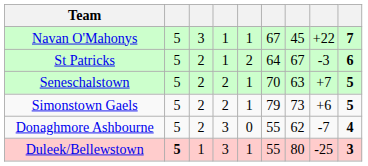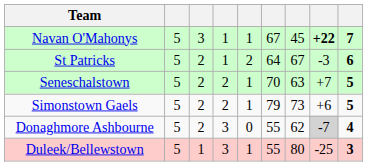 <table class="wikitable" style="text-align:center">
 <tr>
 <th width="175">Team</th>
 <th width="20"></th>
 <th width="20"></th>
 <th width="20"></th>
 <th width="20"></th>
 <th width="20"></th>
 <th width="20"></th>
 <th width="20"></th>
 <th width="20"></th>
 </tr>
 <tr style="background:#cfc;">
 <td><a href='#'>Navan O'Mahonys</a></td>
 <td>5</td>
 <td>3</td>
 <td>1</td>
 <td>1</td>
 <td>67</td>
 <td>45</td>
-<td>+22</td>
+<td><strong>+22</strong></td>
 <td><strong>7</strong></td>
 </tr>
 <tr style="background:#cfc;">
 <td><a href='#'>St Patricks</a></td>
 <td>5</td>
 <td>2</td>
 <td>1</td>
 <td>2</td>
 <td>64</td>
 <td>67</td>
 <td>-3</td>
 <td><strong>6</strong></td>
 </tr>
 <tr style="background:#cfc;">
 <td><a href='#'>Seneschalstown</a></td>
 <td>5</td>
 <td>2</td>
 <td>2</td>
 <td>1</td>
 <td>70</td>
 <td>63</td>
 <td>+7</td>
 <td><strong>5</strong></td>
 </tr>
 <tr>
 <td><a href='#'>Simonstown Gaels</a></td>
 <td>5</td>
 <td>2</td>
 <td>2</td>
 <td>1</td>
 <td>79</td>
 <td>73</td>
 <td>+6</td>
 <td><strong>5</strong></td>
 </tr>
 <tr>
 <td><a href='#'>Donaghmore Ashbourne</a></td>
 <td>5</td>
 <td>2</td>
 <td>3</td>
 <td>0</td>
 <td>55</td>
 <td>62</td>
-<td>-7</td>
+<td style="background: lightgrey;">-7</td>
 <td><strong>4</strong></td>
 </tr>
 <tr style="background:#fcc;">
 <td><a href='#'>Duleek/Bellewstown</a></td>
-<td><strong>5</strong></td>
+<td>5</td>
 <td>1</td>
 <td>3</td>
 <td>1</td>
 <td>55</td>
 <td>80</td>
 <td>-25</td>
 <td><strong>3</strong></td>
 </tr>
 </table>
